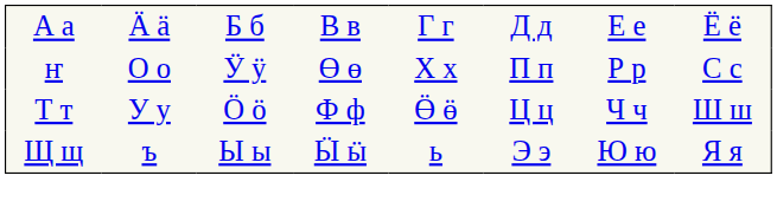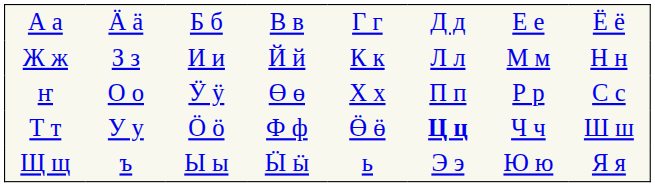 <table style="font-family:Arial Unicode MS; font-size:1.4em; border-color:#000000; border-width:1px; border-style:solid; border-collapse:collapse; background-color:#F8F8EF">
 <tr>
 <td style="width:3em; text-align:center; padding: 3px;"><a href='#'>А а</a></td>
 <td style="width:3em; text-align:center; padding: 3px;"><a href='#'>Ӓ ӓ</a></td>
 <td style="width:3em; text-align:center; padding: 3px;"><a href='#'>Б б</a></td>
 <td style="width:3em; text-align:center; padding: 3px;"><a href='#'>В в</a></td>
 <td style="width:3em; text-align:center; padding: 3px;"><a href='#'>Г г</a></td>
 <td style="width:3em; text-align:center; padding: 3px;"><a href='#'>Д д</a></td>
 <td style="width:3em; text-align:center; padding: 3px;"><a href='#'>Е е</a></td>
 <td style="width:3em; text-align:center; padding: 3px;"><a href='#'>Ё ё</a></td>
+</tr>
+<tr>
+<td style="width:3em; text-align:center; padding: 3px;"><a href='#'>Ж ж</a></td>
+<td style="width:3em; text-align:center; padding: 3px;"><a href='#'>З з</a></td>
+<td style="width:3em; text-align:center; padding: 3px;"><a href='#'>И и</a></td>
+<td style="width:3em; text-align:center; padding: 3px;"><a href='#'>Й й</a></td>
+<td style="width:3em; text-align:center; padding: 3px;"><a href='#'>К к</a></td>
+<td style="width:3em; text-align:center; padding: 3px;"><a href='#'>Л л</a></td>
+<td style="width:3em; text-align:center; padding: 3px;"><a href='#'>М м</a></td>
+<td style="width:3em; text-align:center; padding: 3px;"><a href='#'>Н н</a></td>
 </tr>
 <tr>
 <td style="width:3em; text-align:center; padding: 3px;"><a href='#'>ҥ</a></td>
 <td style="width:3em; text-align:center; padding: 3px;"><a href='#'>О о</a></td>
 <td style="width:3em; text-align:center; padding: 3px;"><a href='#'>Ӱ ӱ</a></td>
 <td style="width:3em; text-align:center; padding: 3px;"><a href='#'>Ө ө</a></td>
 <td style="width:3em; text-align:center; padding: 3px;"><a href='#'>Х х</a></td>
 <td style="width:3em; text-align:center; padding: 3px;"><a href='#'>П п</a></td>
 <td style="width:3em; text-align:center; padding: 3px;"><a href='#'>Р р</a></td>
 <td style="width:3em; text-align:center; padding: 3px;"><a href='#'>С с</a></td>
 </tr>
 <tr>
 <td style="width:3em; text-align:center; padding: 3px;"><a href='#'>Т т</a></td>
 <td style="width:3em; text-align:center; padding: 3px;"><a href='#'>У у</a></td>
 <td style="width:3em; text-align:center; padding: 3px;"><a href='#'>Ӧ ӧ</a></td>
 <td style="width:3em; text-align:center; padding: 3px;"><a href='#'>Ф ф</a></td>
 <td style="width:3em; text-align:center; padding: 3px;"><a href='#'>Ӫ ӫ</a></td>
-<td style="width:3em; text-align:center; padding: 3px;"><a href='#'>Ц ц</a></td>
+<td style="width:3em; text-align:center; padding: 3px;"><strong><a href='#'>Ц ц</a></strong></td>
 <td style="width:3em; text-align:center; padding: 3px;"><a href='#'>Ч ч</a></td>
 <td style="width:3em; text-align:center; padding: 3px;"><a href='#'>Ш ш</a></td>
 </tr>
 <tr>
 <td style="width:3em; text-align:center; padding: 3px;"><a href='#'>Щ щ</a></td>
 <td style="width:3em; text-align:center; padding: 3px;"><a href='#'>ъ</a></td>
 <td style="width:3em; text-align:center; padding: 3px;"><a href='#'>Ы ы</a></td>
 <td style="width:3em; text-align:center; padding: 3px;"><a href='#'>Ӹ ӹ</a></td>
 <td style="width:3em; text-align:center; padding: 3px;"><a href='#'>ь</a></td>
 <td style="width:3em; text-align:center; padding: 3px;"><a href='#'>Э э</a></td>
 <td style="width:3em; text-align:center; padding: 3px;"><a href='#'>Ю ю</a></td>
 <td style="width:3em; text-align:center; padding: 3px;"><a href='#'>Я я</a></td>
 </tr>
 </table>
